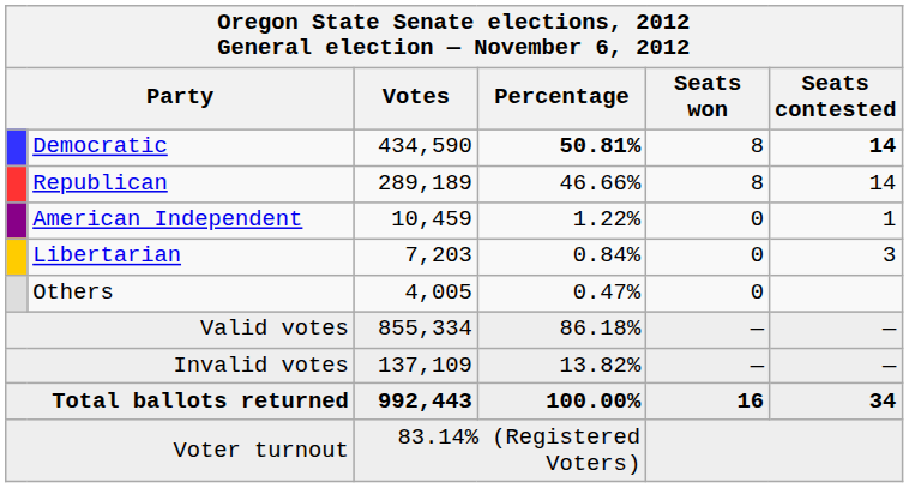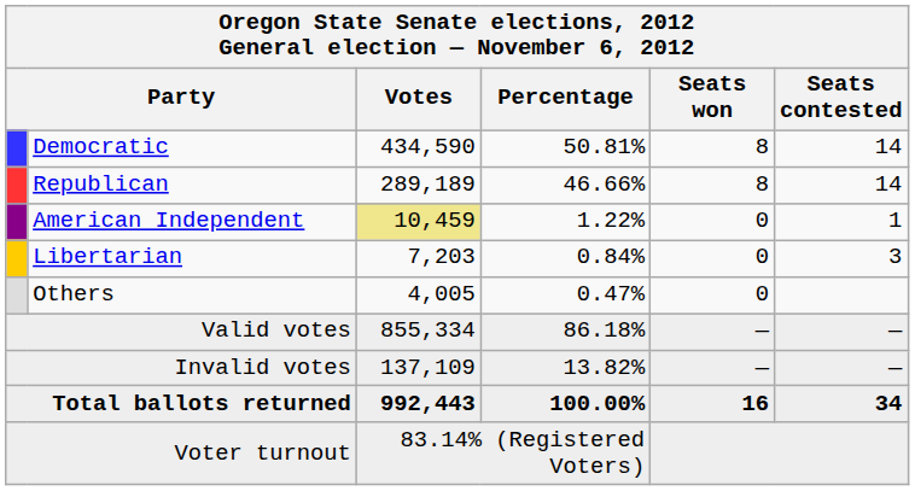 <table class="wikitable" style="font-size:95%;">
 <tr>
 <th colspan="6">Oregon State Senate elections, 2012<br>General election — November 6, 2012</th>
 </tr>
 <tr>
 <th colspan=2 style="width: 15em">Party</th>
 <th style="width: 5em">Votes</th>
 <th style="width: 7em">Percentage</th>
 <th style="width: 5em">Seats won</th>
 <th style="width: 5em">Seats contested</th>
 </tr>
 <tr>
 <th style="background-color:#33F; width: 3px"></th>
 <td style="width: 130px"><a href='#'>Democratic</a></td>
 <td align="right">434,590</td>
-<td align="right"><strong>50.81%</strong></td>
+<td align="right">50.81%</td>
 <td align="right">8</td>
-<td align="right"><strong>14</strong></td>
+<td align="right">14</td>
 </tr>
 <tr>
 <th style="background-color:#F33; width: 3px"></th>
 <td style="width: 130px"><a href='#'>Republican</a></td>
 <td align="right">289,189</td>
 <td align="right">46.66%</td>
 <td align="right">8</td>
 <td align="right">14</td>
 </tr>
 <tr>
 <th style="background-color:#808; width: 3px"></th>
 <td style="width: 130px"><a href='#'>American Independent</a></td>
-<td align="right">10,459</td>
+<td align="right" style="background: khaki;">10,459</td>
 <td align="right">1.22%</td>
 <td align="right">0</td>
 <td align="right">1</td>
 </tr>
 <tr>
 <th style="background-color:#FC0; width: 3px"></th>
 <td style="width: 130px"><a href='#'>Libertarian</a></td>
 <td align="right">7,203</td>
 <td align="right">0.84%</td>
 <td align="right">0</td>
 <td align="right">3</td>
 </tr>
 <tr>
 <th style="background-color:#DDD; width: 3px"></th>
 <td style="width: 130px">Others</td>
 <td align="right">4,005</td>
 <td align="right">0.47%</td>
 <td align="right">0</td>
 <td align="right"></td>
 </tr>
 <tr bgcolor="#EEEEEE">
 <td colspan="2" align="right">Valid votes</td>
 <td align="right">855,334</td>
 <td align="right">86.18%</td>
 <td align="right">—</td>
 <td align="right">—</td>
 </tr>
 <tr bgcolor="#EEEEEE">
 <td colspan="2" align="right">Invalid votes</td>
 <td align="right">137,109</td>
 <td align="right">13.82%</td>
 <td align="right">—</td>
 <td align="right">—</td>
 </tr>
 <tr bgcolor="#EEEEEE">
 <td colspan="2" align="right"><strong>Total ballots returned</strong></td>
 <td align="right"><strong>992,443</strong></td>
 <td align="right"><strong>100.00%</strong></td>
 <td align="right"><strong>16</strong></td>
 <td align="right"><strong>34</strong></td>
 </tr>
 <tr bgcolor="#EEEEEE">
 <td colspan="2" align="right">Voter turnout</td>
 <td colspan="2" align="right">83.14% (Registered Voters)</td>
 <td colspan="2" align="right"></td>
 </tr>
 </table>
